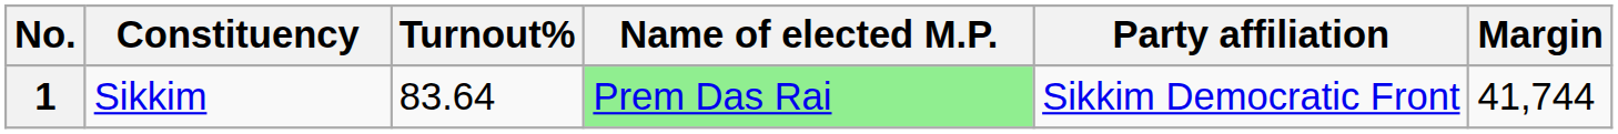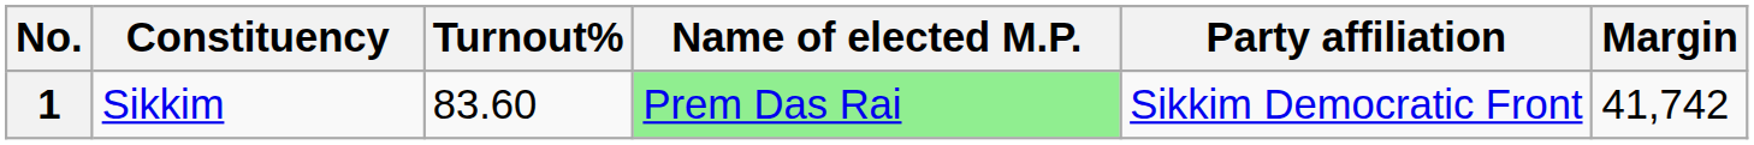 <table class="sortable wikitable">
 <tr>
 <th>No.</th>
 <th style="width:120px">Constituency</th>
 <th>Turnout%</th>
 <th style="width:180px">Name of elected M.P.</th>
 <th>Party affiliation</th>
 <th>Margin</th>
 </tr>
 <tr>
 <th>1</th>
 <td><a href='#'>Sikkim</a></td>
-<td>83.64 </td>
+<td>83.60 </td>
 <td style="background: lightgreen;"><a href='#'>Prem Das Rai</a></td>
 <td style="background-color: "><a href='#'>Sikkim Democratic Front</a></td>
-<td>41,744</td>
+<td>41,742</td>
 </tr>
 </table>
